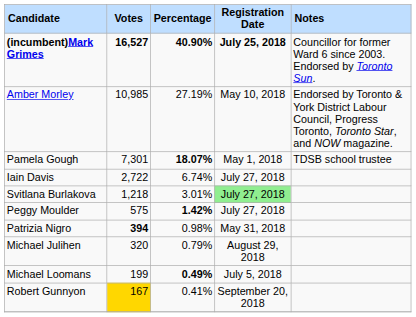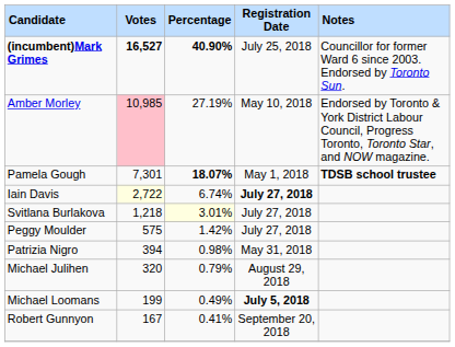 <table class="sortable wikitable">
 <tr>
 <th scope="col" style="background-color:#bfdeff;width:200px;text-align:left;padding-left:5px;">Candidate</th>
 <th scope="col" style="background-color:#bfdeff;width:88px;">Votes</th>
 <th scope="col" style="background-color:#bfdeff;width:95px;">Percentage</th>
 <th scope="col" style="background-color:#bfdeff;width:150px;">Registration Date</th>
 <th scope="col" style="background-color:#bfdeff;width:500px;text-align:left;padding-left:5px;">Notes</th>
 </tr>
 <tr>
 <td valign="top"><strong>(incumbent)<a href='#'>Mark Grimes</a></strong></td>
 <td valign="top" align="right"><strong>16,527</strong></td>
 <td valign="top" align="right"><strong>40.90%</strong></td>
-<td valign="top" align="center"><strong>July 25, 2018</strong></td>
+<td valign="top" align="center">July 25, 2018</td>
 <td>Councillor for former Ward 6 since 2003. Endorsed by <em><a href='#'>Toronto Sun</a></em>.</td>
 </tr>
 <tr>
 <td valign="top"><a href='#'>Amber Morley</a></td>
-<td valign="top" align="right">10,985</td>
+<td valign="top" align="right" style="background: pink;">10,985</td>
 <td valign="top" align="right">27.19%</td>
 <td valign="top" align="center">May 10, 2018</td>
 <td>Endorsed by Toronto & York District Labour Council, Progress Toronto, <em>Toronto Star</em>, and <em>NOW</em> magazine.</td>
 </tr>
 <tr>
 <td valign="top">Pamela Gough</td>
 <td valign="top" align="right">7,301</td>
 <td valign="top" align="right"><strong>18.07%</strong></td>
 <td valign="top" align="center">May 1, 2018</td>
-<td>TDSB school trustee</td>
+<td><strong>TDSB school trustee</strong></td>
 </tr>
 <tr>
 <td valign="top">Iain Davis</td>
-<td valign="top" align="right">2,722</td>
+<td valign="top" align="right" style="background: lightyellow;">2,722</td>
 <td valign="top" align="right">6.74%</td>
-<td valign="top" align="center">July 27, 2018</td>
+<td valign="top" align="center"><strong>July 27, 2018</strong></td>
 <td></td>
 </tr>
 <tr>
 <td valign="top">Svitlana Burlakova</td>
 <td valign="top" align="right">1,218</td>
-<td valign="top" align="right">3.01%</td>
-<td valign="top" align="center" style="background: lightgreen;">July 27, 2018</td>
+<td valign="top" align="right" style="background: lightyellow;">3.01%</td>
+<td valign="top" align="center">July 27, 2018</td>
 <td></td>
 </tr>
 <tr>
 <td valign="top">Peggy Moulder</td>
 <td valign="top" align="right">575</td>
-<td valign="top" align="right"><strong>1.42%</strong></td>
+<td valign="top" align="right">1.42%</td>
 <td valign="top" align="center">July 27, 2018</td>
 <td></td>
 </tr>
 <tr>
 <td valign="top">Patrizia Nigro</td>
-<td valign="top" align="right"><strong>394</strong></td>
+<td valign="top" align="right">394</td>
 <td valign="top" align="right">0.98%</td>
 <td valign="top" align="center">May 31, 2018</td>
 <td></td>
 </tr>
 <tr>
 <td valign="top">Michael Julihen</td>
 <td valign="top" align="right">320</td>
 <td valign="top" align="right">0.79%</td>
 <td valign="top" align="center">August 29, 2018</td>
 <td></td>
 </tr>
 <tr>
 <td valign="top">Michael Loomans</td>
 <td valign="top" align="right">199</td>
-<td valign="top" align="right"><strong>0.49%</strong></td>
-<td valign="top" align="center">July 5, 2018</td>
+<td valign="top" align="right">0.49%</td>
+<td valign="top" align="center"><strong>July 5, 2018</strong></td>
 <td></td>
 </tr>
 <tr>
 <td valign="top">Robert Gunnyon</td>
-<td valign="top" align="right" style="background: gold;">167</td>
+<td valign="top" align="right">167</td>
 <td valign="top" align="right">0.41%</td>
 <td valign="top" align="center">September 20, 2018</td>
 <td></td>
 </tr>
 <tr>
 </tr>
 </table>
